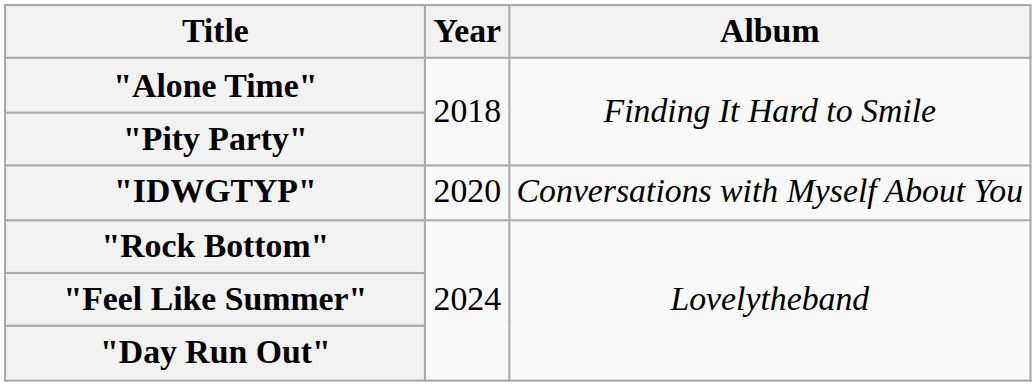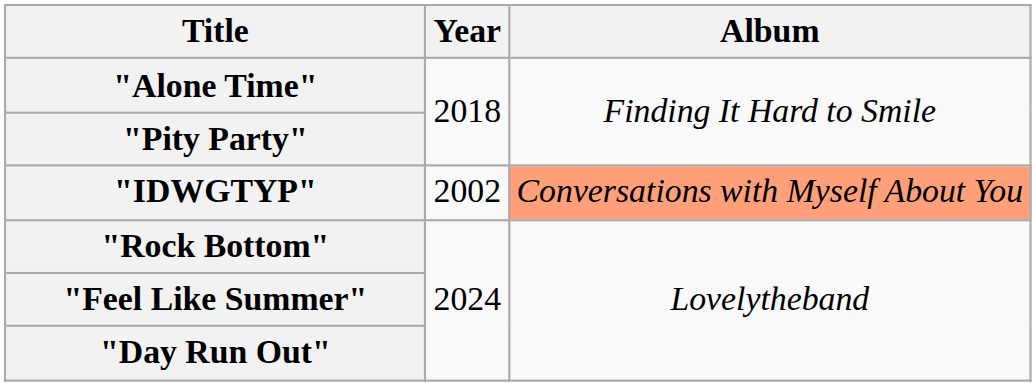 <table class="wikitable plainrowheaders" style="text-align:center;">
 <tr>
 <th scope="col" style="width:12em;">Title</th>
 <th scope="col">Year</th>
 <th scope="col">Album</th>
 </tr>
 <tr>
 <th scope="row">"Alone Time"</th>
 <td rowspan="2">2018</td>
 <td rowspan="2"><em>Finding It Hard to Smile</em></td>
 </tr>
 <tr>
 <th scope="row">"Pity Party"</th>
 </tr>
 <tr>
 <th scope="row">"IDWGTYP"</th>
-<td>2020</td>
-<td><em>Conversations with Myself About You</em></td>
+<td>2002</td>
+<td style="background: lightsalmon;"><em>Conversations with Myself About You</em></td>
 </tr>
 <tr>
 <th scope="row">"Rock Bottom"</th>
 <td rowspan="3">2024</td>
 <td rowspan="3"><em>Lovelytheband</em></td>
 </tr>
 <tr>
 <th scope="row">"Feel Like Summer"</th>
 </tr>
 <tr>
 <th scope="row">"Day Run Out"</th>
 </tr>
 </table>
